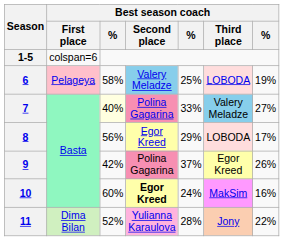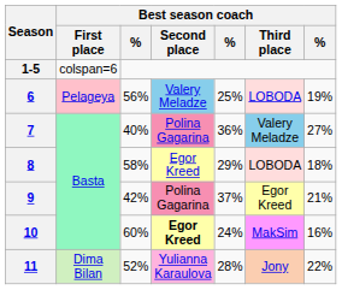 <table class="wikitable" style="text-align:center; font-size:90%; line-height:16px; width:20%">
 <tr>
 <th rowspan=2 scope="col" width="1%">Season</th>
 <th colspan=6 scope="col" width="24%">Best season coach</th>
 </tr>
 <tr>
 <th width="15%">First place</th>
 <th width="05%">%</th>
 <th width="15%">Second place</th>
 <th width="05%">%</th>
 <th width="15%">Third place</th>
 <th width="05%">%</th>
 </tr>
 <tr>
 <th>1-5</th>
 <td>colspan=6 </td>
 </tr>
 <tr>
 <th><a href='#'>6</a></th>
 <td style="background:pink"><a href='#'>Pelageya</a></td>
-<td>58%</td>
+<td>56%</td>
 <td style="background:#87ceeb"><a href='#'>Valery Meladze</a></td>
 <td>25%</td>
 <td style="background:#fdd"><a href='#'>LOBODA</a></td>
 <td>19%</td>
 </tr>
 <tr>
 <th><a href='#'>7</a></th>
 <td rowspan=4 style="background:#8ff7c0"><a href='#'>Basta</a></td>
-<td style="background: lightyellow;">40%</td>
+<td>40%</td>
 <td style="background:#F78FB2"><a href='#'>Polina Gagarina</a></td>
-<td>33%</td>
+<td>36%</td>
 <td style="background:#87ceeb">Valery Meladze</td>
 <td>27%</td>
 </tr>
 <tr>
 <th><a href='#'>8</a></th>
-<td>56%</td>
+<td>58%</td>
 <td style="background:#ffffaa"><a href='#'>Egor Kreed</a></td>
 <td>29%</td>
 <td style="background:#fdd">LOBODA</td>
-<td>17%</td>
+<td>18%</td>
 </tr>
 <tr>
 <th><a href='#'>9</a></th>
 <td>42%</td>
 <td style="background:#F78FB2">Polina Gagarina</td>
 <td>37%</td>
 <td style="background:#ffffaa">Egor Kreed</td>
-<td>26%</td>
+<td>21%</td>
 </tr>
 <tr>
 <th><a href='#'>10</a></th>
 <td>60%</td>
 <td style="background:#ffffaa"><strong>Egor Kreed</strong></td>
 <td>24%</td>
 <td style="background:#ff99ff"><a href='#'>MakSim</a></td>
 <td>16%</td>
 </tr>
 <tr>
 <th><a href='#'>11</a></th>
 <td style="background:#d0f0c0;"><a href='#'>Dima Bilan</a></td>
 <td>52%</td>
 <td style="background:#ffb3de"><a href='#'>Yulianna Karaulova</a></td>
 <td>28%</td>
 <td style="background:#fbceb1"><a href='#'>Jony</a></td>
 <td>22%</td>
 </tr>
 </table>
